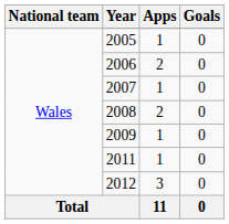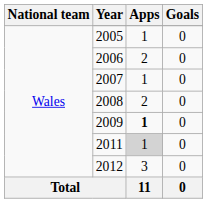 <table class="wikitable" style="text-align:center">
 <tr>
 <th>National team</th>
 <th>Year</th>
 <th>Apps</th>
 <th>Goals</th>
 </tr>
 <tr>
 <td rowspan=8><a href='#'>Wales</a></td>
 </tr>
 <tr>
 <td>2005</td>
 <td>1</td>
 <td>0</td>
 </tr>
 <tr>
 <td>2006</td>
 <td>2</td>
 <td>0</td>
 </tr>
 <tr>
 <td>2007</td>
 <td>1</td>
 <td>0</td>
 </tr>
 <tr>
 <td>2008</td>
 <td>2</td>
 <td>0</td>
 </tr>
 <tr>
 <td>2009</td>
-<td>1</td>
+<td><strong>1</strong></td>
 <td>0</td>
 </tr>
 <tr>
 <td>2011</td>
-<td>1</td>
+<td style="background: lightgrey;">1</td>
 <td>0</td>
 </tr>
 <tr>
 <td>2012</td>
 <td>3</td>
 <td>0</td>
 </tr>
 <tr>
 <th colspan=2>Total</th>
 <th>11</th>
 <th>0</th>
 </tr>
 </table>
